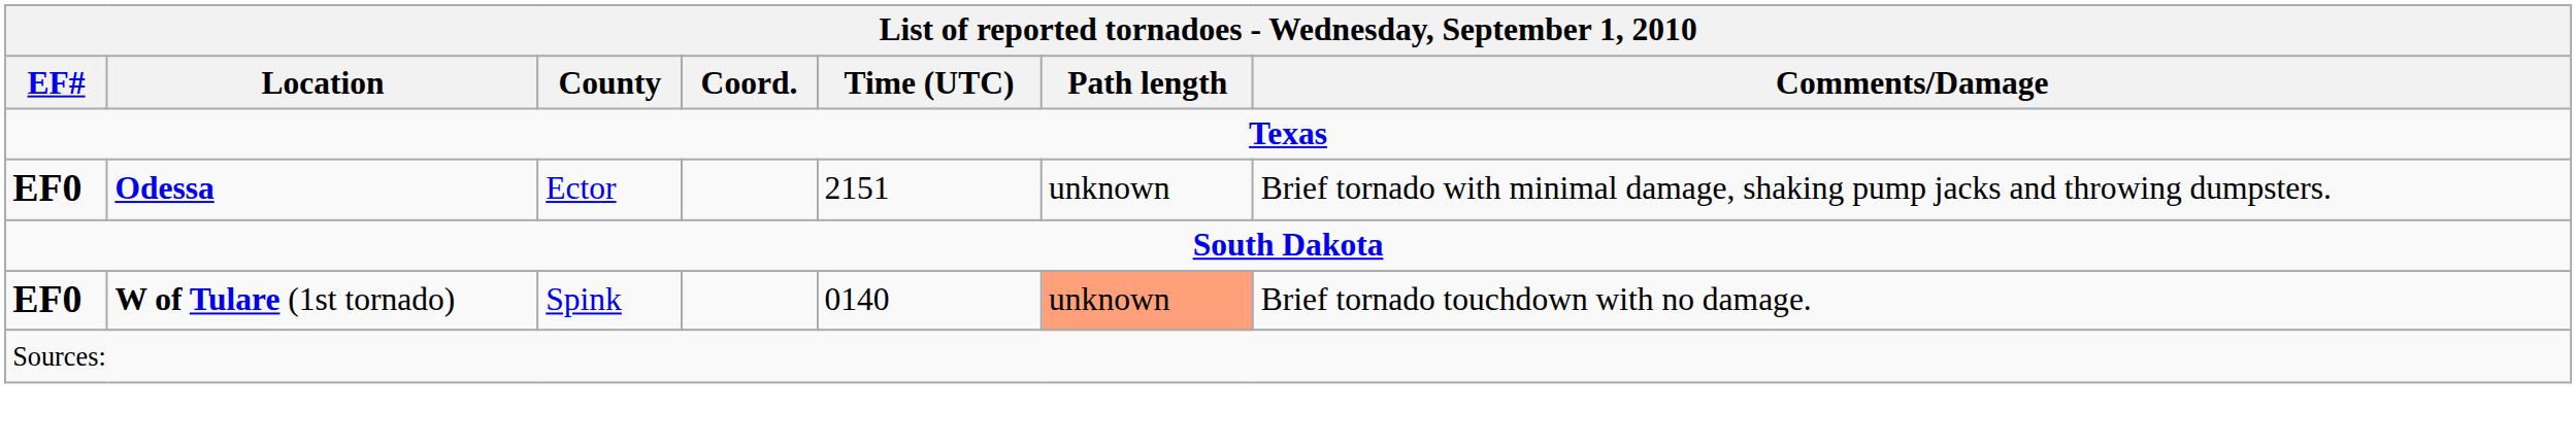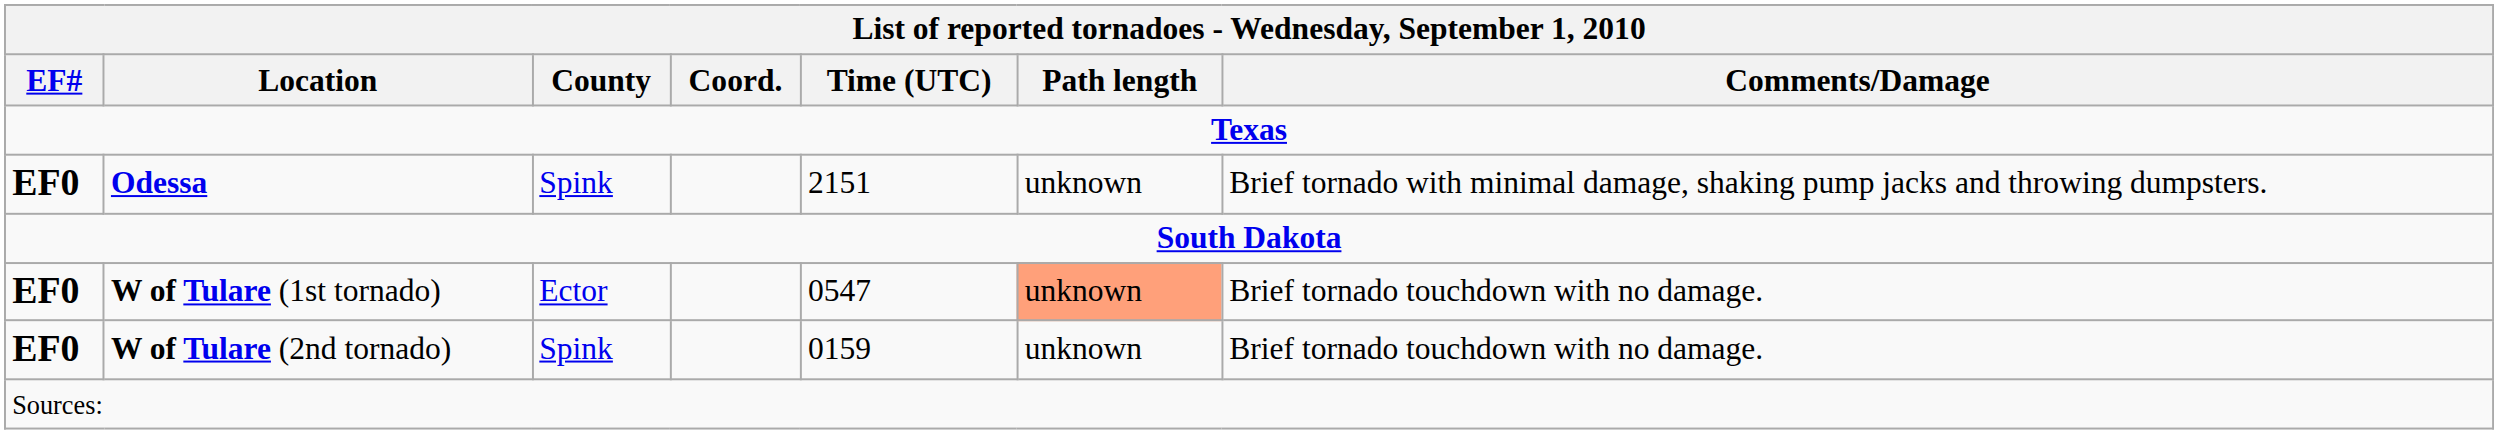 <table class="wikitable collapsible" width="100%">
 <tr>
 <th colspan="7">List of reported tornadoes - Wednesday, September 1, 2010</th>
 </tr>
 <tr>
 <th><a href='#'>EF#</a></th>
 <th>Location</th>
 <th>County</th>
 <th>Coord.</th>
 <th>Time (UTC)</th>
 <th>Path length</th>
 <th>Comments/Damage</th>
 </tr>
 <tr>
 <td colspan="7" align=center><strong><a href='#'>Texas</a></strong></td>
 </tr>
 <tr>
 <td><big><strong>EF0</strong></big></td>
 <td><strong><a href='#'>Odessa</a></strong></td>
-<td><a href='#'>Ector</a></td>
+<td><a href='#'>Spink</a></td>
 <td></td>
 <td>2151</td>
 <td>unknown</td>
 <td>Brief tornado with minimal damage, shaking pump jacks and throwing dumpsters.</td>
 </tr>
 <tr>
 <td colspan="7" align=center><strong><a href='#'>South Dakota</a></strong></td>
 </tr>
 <tr>
 <td><big><strong>EF0</strong></big></td>
 <td><strong>W of <a href='#'>Tulare</a></strong> (1st tornado)</td>
+<td><a href='#'>Ector</a></td>
+<td></td>
+<td>0547</td>
+<td style="background: lightsalmon;">unknown</td>
+<td>Brief tornado touchdown with no damage.</td>
+</tr>
+<tr>
+<td><big><strong>EF0</strong></big></td>
+<td><strong>W of <a href='#'>Tulare</a></strong> (2nd tornado)</td>
 <td><a href='#'>Spink</a></td>
 <td></td>
-<td>0140</td>
-<td style="background: lightsalmon;">unknown</td>
+<td>0159</td>
+<td>unknown</td>
 <td>Brief tornado touchdown with no damage.</td>
 </tr>
 <tr>
 <td colspan="7"><small>Sources:<br></small></td>
 </tr>
 </table>
